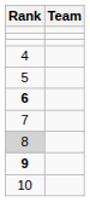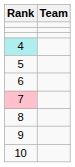 <table class="wikitable" style="text-align: center">
 <tr>
 <th>Rank</th>
 <th>Team</th>
 </tr>
 <tr>
 <td></td>
 <td align=left></td>
 </tr>
 <tr>
 <td></td>
 <td align=left></td>
 </tr>
 <tr>
 <td></td>
 <td align=left></td>
 </tr>
 <tr>
-<td>4</td>
+<td style="background: paleturquoise;">4</td>
 <td align=left></td>
 </tr>
 <tr>
 <td>5</td>
 <td align=left></td>
 </tr>
 <tr>
-<td><strong>6</strong></td>
+<td>6</td>
 <td align=left></td>
 </tr>
 <tr>
-<td>7</td>
+<td style="background: pink;">7</td>
 <td align=left></td>
 </tr>
 <tr>
-<td style="background: lightgrey;">8</td>
+<td>8</td>
 <td align=left></td>
 </tr>
 <tr>
-<td><strong>9</strong></td>
+<td>9</td>
 <td align=left></td>
 </tr>
 <tr>
 <td>10</td>
 <td align=left></td>
 </tr>
 </table>
